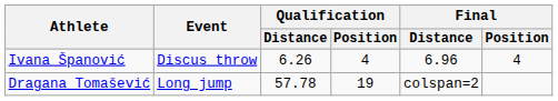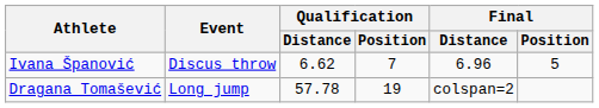 <table class=wikitable style="font-size:90%">
 <tr>
 <th rowspan="2">Athlete</th>
 <th rowspan="2">Event</th>
 <th colspan="2">Qualification</th>
 <th colspan="2">Final</th>
 </tr>
 <tr style="font-size:95%">
 <th>Distance</th>
 <th>Position</th>
 <th>Distance</th>
 <th>Position</th>
 </tr>
 <tr style=text-align:center>
 <td style=text-align:left><a href='#'>Ivana Španović</a></td>
 <td style=text-align:left><a href='#'>Discus throw</a></td>
-<td>6.26</td>
-<td>4 </td>
+<td>6.62</td>
+<td>7 </td>
 <td>6.96</td>
-<td>4</td>
+<td>5</td>
 </tr>
 <tr style=text-align:center>
 <td style=text-align:left><a href='#'>Dragana Tomašević</a></td>
 <td style=text-align:left><a href='#'>Long jump</a></td>
 <td>57.78</td>
 <td>19</td>
 <td>colspan=2 </td>
 </tr>
 </table>
